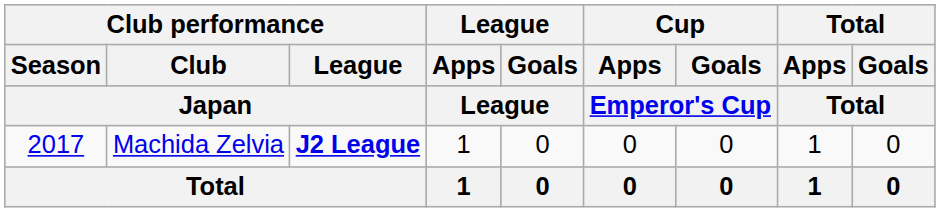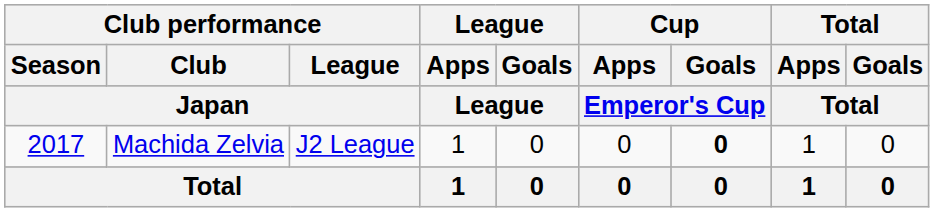 <table class="wikitable" style="text-align:center;">
 <tr>
 <th colspan=3>Club performance</th>
 <th colspan=2>League</th>
 <th colspan=2>Cup</th>
 <th colspan=2>Total</th>
 </tr>
 <tr>
 <th>Season</th>
 <th>Club</th>
 <th>League</th>
 <th>Apps</th>
 <th>Goals</th>
 <th>Apps</th>
 <th>Goals</th>
 <th>Apps</th>
 <th>Goals</th>
 </tr>
 <tr>
 <th colspan=3>Japan</th>
 <th colspan=2>League</th>
 <th colspan=2><a href='#'>Emperor's Cup</a></th>
 <th colspan=2>Total</th>
 </tr>
 <tr>
 <td><a href='#'>2017</a></td>
 <td rowspan="1"><a href='#'>Machida Zelvia</a></td>
-<td rowspan="1"><strong><a href='#'>J2 League</a></strong></td>
+<td rowspan="1"><a href='#'>J2 League</a></td>
 <td>1</td>
 <td>0</td>
 <td>0</td>
-<td>0</td>
+<td><strong>0</strong></td>
 <td>1</td>
 <td>0</td>
 </tr>
 <tr>
 <th colspan=3>Total</th>
 <th>1</th>
 <th>0</th>
 <th>0</th>
 <th>0</th>
 <th>1</th>
 <th>0</th>
 </tr>
 </table>
